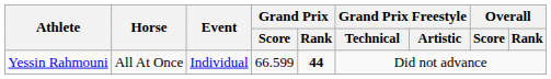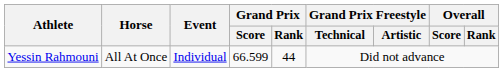 <table class=wikitable style=font-size:90%;>
 <tr>
 <th rowspan="2">Athlete</th>
 <th rowspan="2">Horse</th>
 <th rowspan="2">Event</th>
 <th colspan="2">Grand Prix</th>
 <th colspan="2">Grand Prix Freestyle</th>
 <th colspan="2">Overall</th>
 </tr>
 <tr style="font-size:95%">
 <th>Score</th>
 <th>Rank</th>
 <th>Technical</th>
 <th>Artistic</th>
 <th>Score</th>
 <th>Rank</th>
 </tr>
 <tr align=center>
 <td align=left><a href='#'>Yessin Rahmouni</a></td>
 <td align=left>All At Once</td>
 <td align=left><a href='#'>Individual</a></td>
 <td>66.599</td>
-<td><strong>44</strong></td>
+<td>44</td>
 <td colspan=4>Did not advance</td>
 </tr>
 </table>
